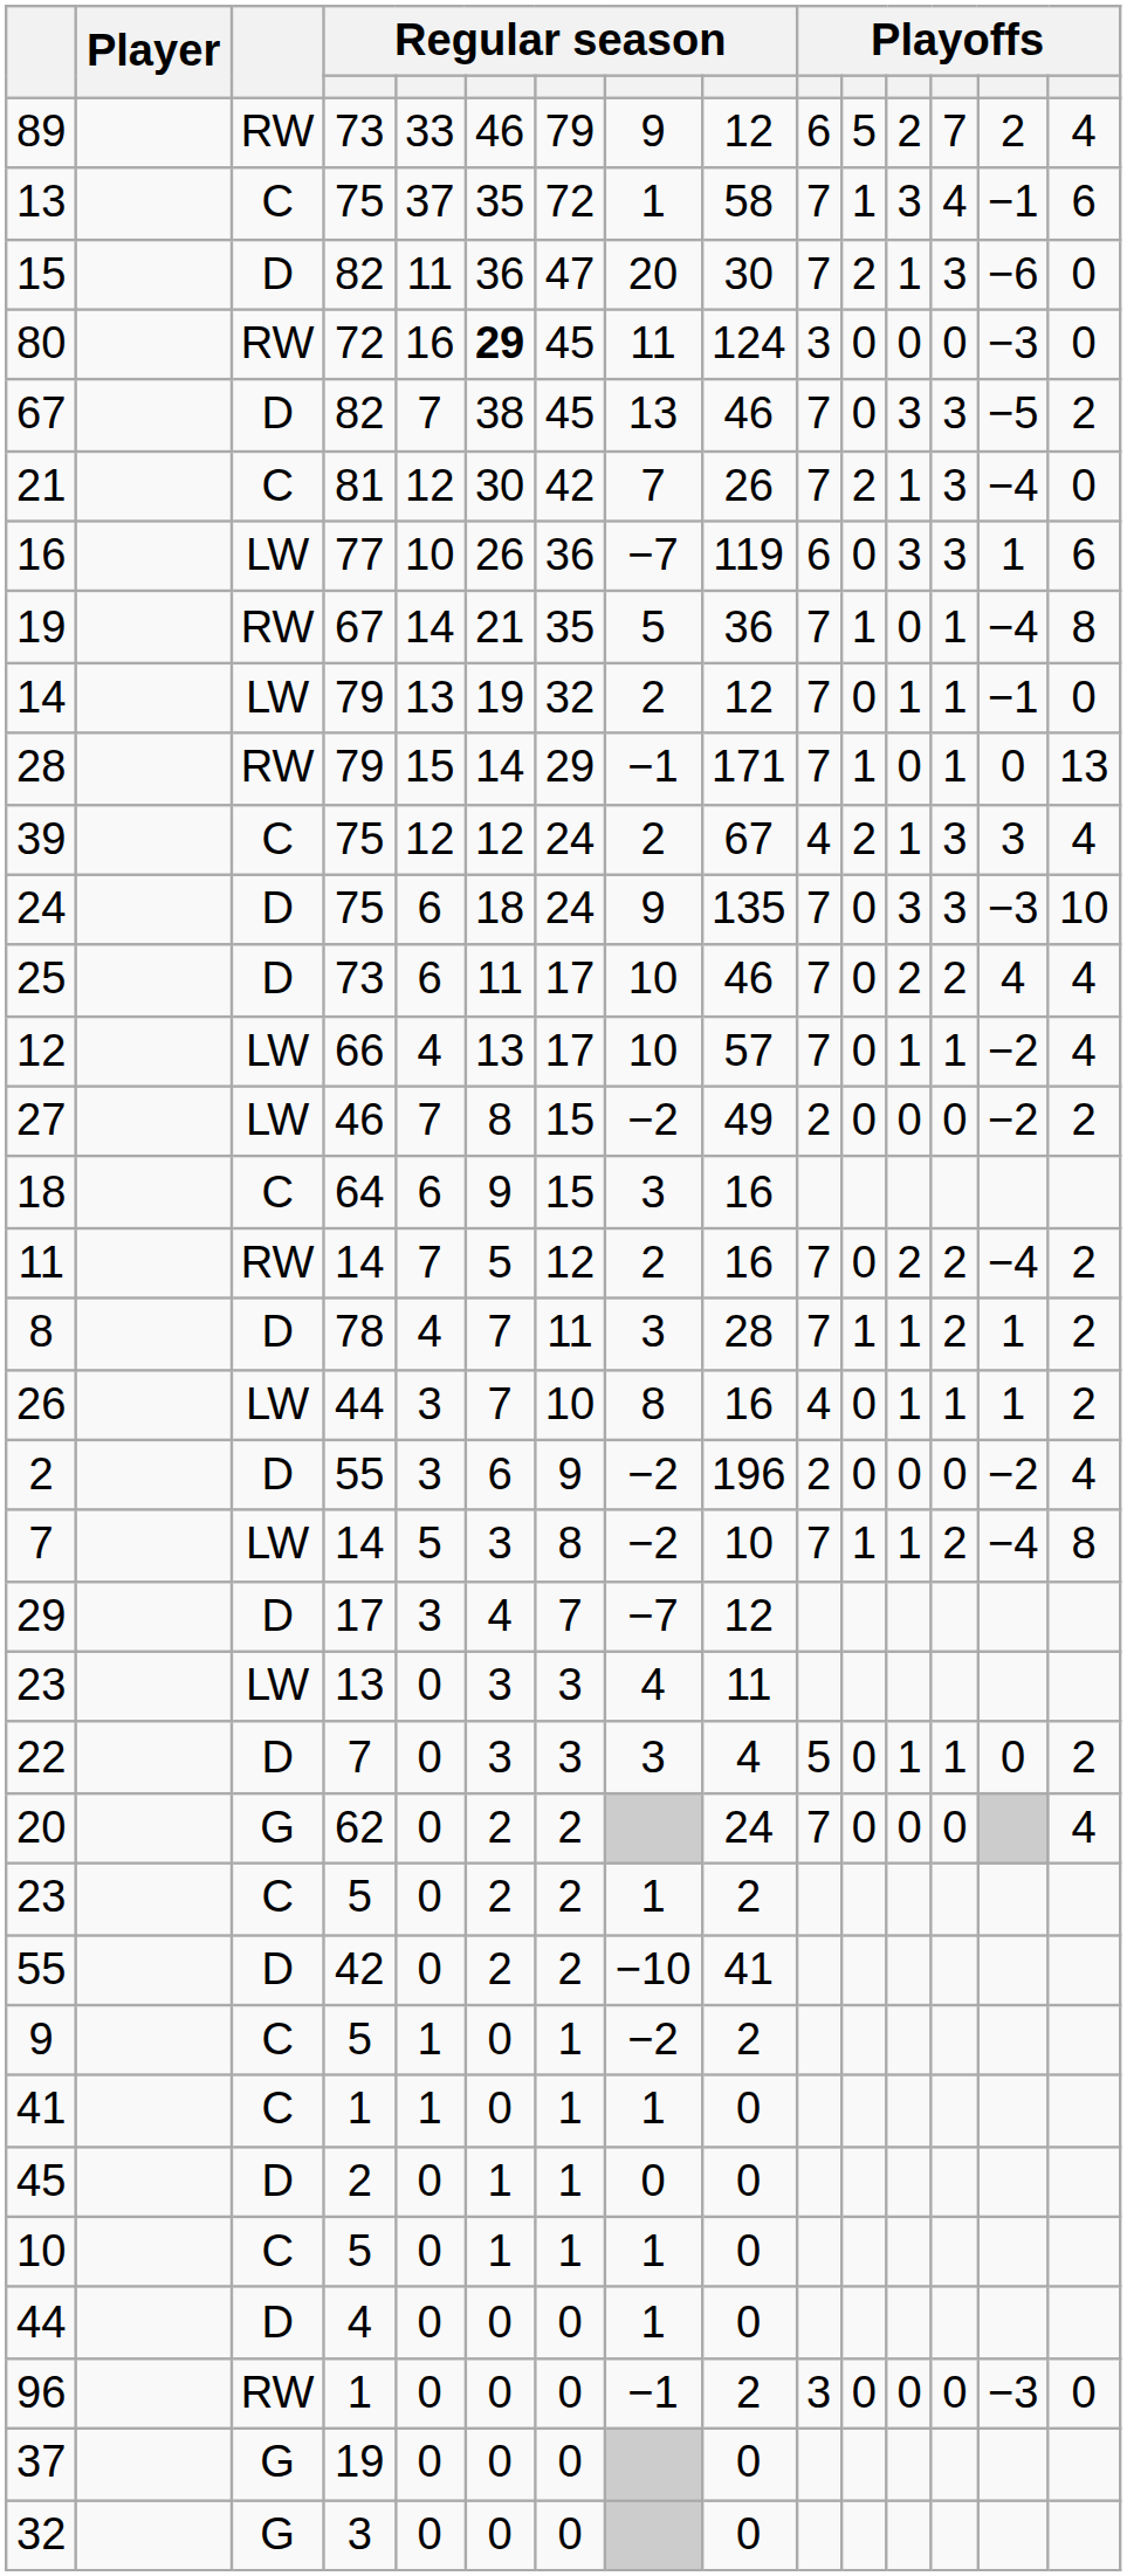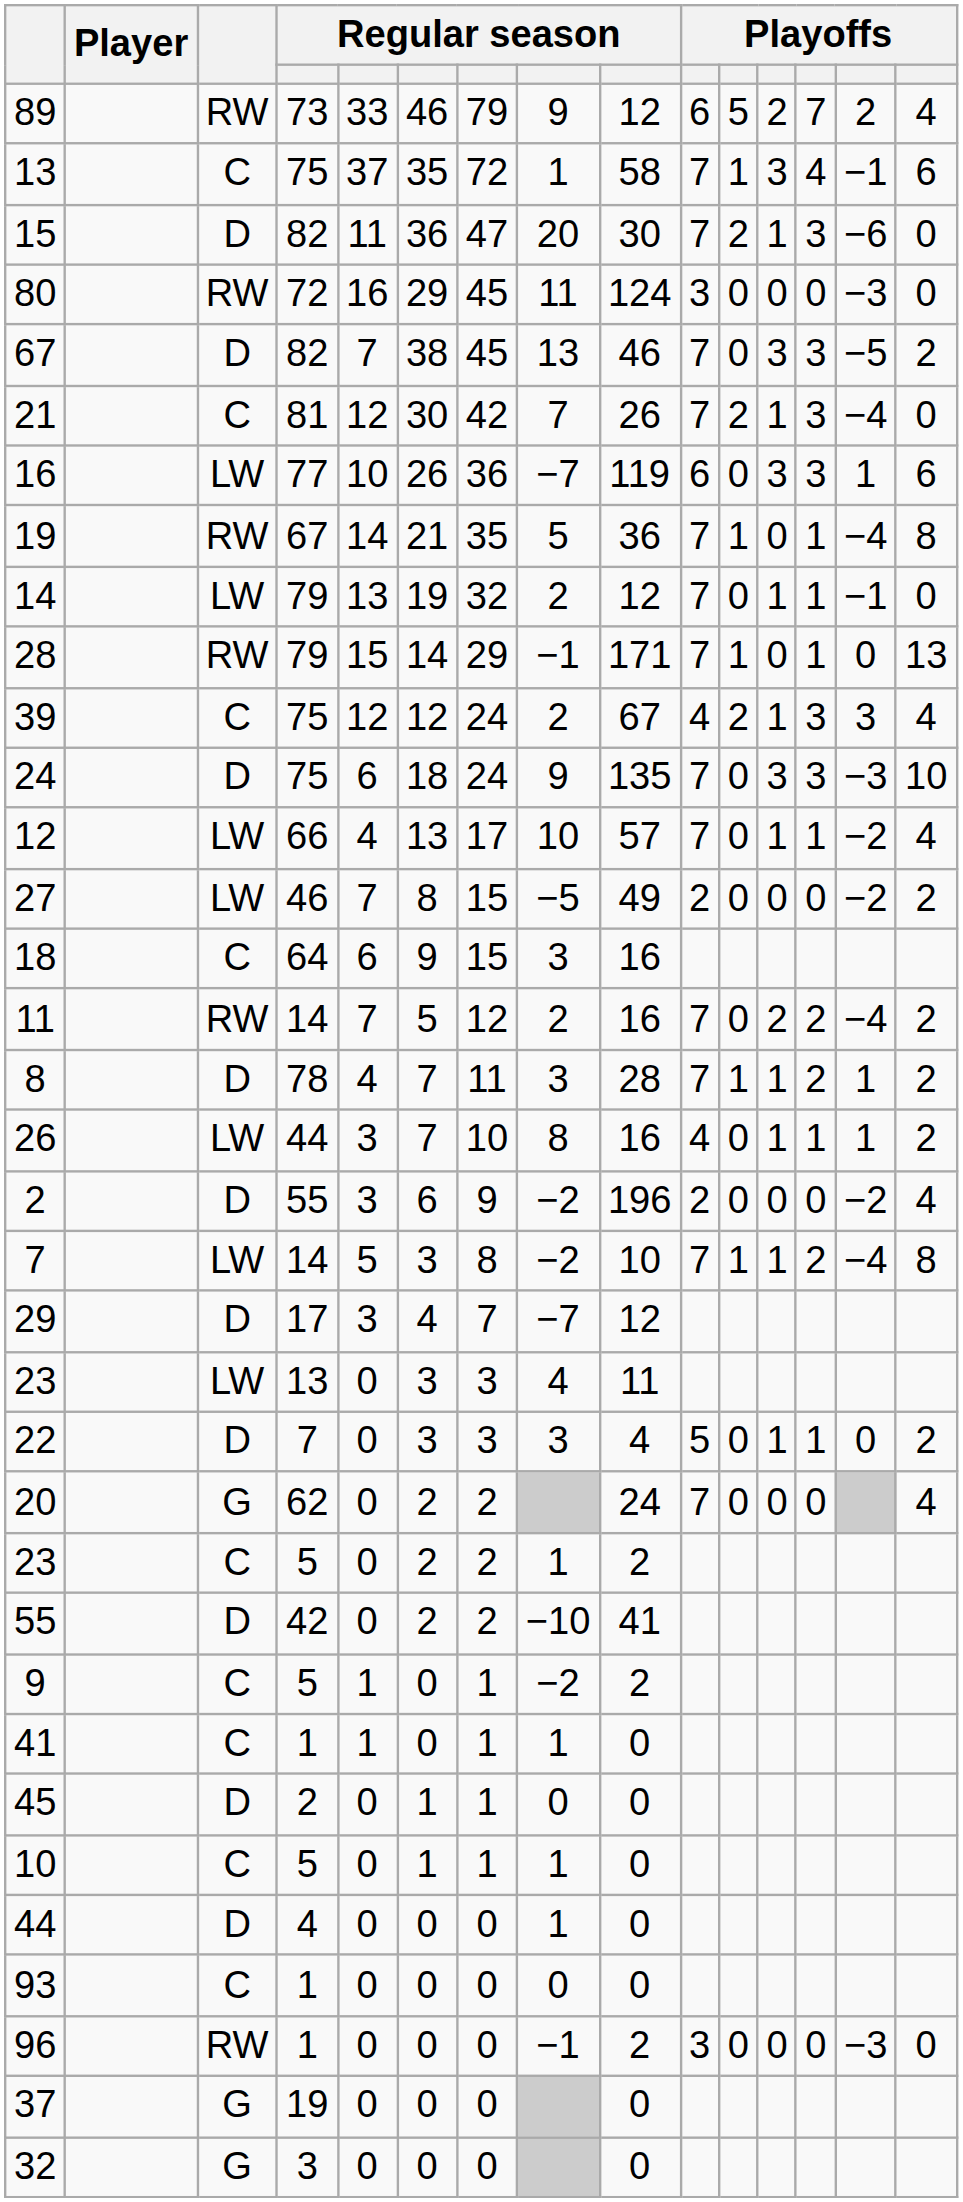 <table class="wikitable sortable plainrowheaders" style="text-align:center;">
 <tr>
 <th scope="col" data-sort-type="number" rowspan="2"></th>
 <th scope="col" rowspan="2">Player</th>
 <th scope="col" rowspan="2"></th>
 <th scope=colgroup colspan=6>Regular season</th>
 <th scope=colgroup colspan=6>Playoffs</th>
 </tr>
 <tr>
 <th scope="col" data-sort-type="number"></th>
 <th scope="col" data-sort-type="number"></th>
 <th scope="col" data-sort-type="number"></th>
 <th scope="col" data-sort-type="number"></th>
 <th scope="col" data-sort-type="number"></th>
 <th scope="col" data-sort-type="number"></th>
 <th scope="col" data-sort-type="number"></th>
 <th scope="col" data-sort-type="number"></th>
 <th scope="col" data-sort-type="number"></th>
 <th scope="col" data-sort-type="number"></th>
 <th scope="col" data-sort-type="number"></th>
 <th scope="col" data-sort-type="number"></th>
 </tr>
 <tr>
 <td scope="row">89</td>
 <td align="left"></td>
 <td>RW</td>
 <td>73</td>
 <td>33</td>
 <td>46</td>
 <td>79</td>
 <td>9</td>
 <td>12</td>
 <td>6</td>
 <td>5</td>
 <td>2</td>
 <td>7</td>
 <td>2</td>
 <td>4</td>
 </tr>
 <tr>
 <td scope="row">13</td>
 <td align="left"></td>
 <td>C</td>
 <td>75</td>
 <td>37</td>
 <td>35</td>
 <td>72</td>
 <td>1</td>
 <td>58</td>
 <td>7</td>
 <td>1</td>
 <td>3</td>
 <td>4</td>
 <td>−1</td>
 <td>6</td>
 </tr>
 <tr>
 <td scope="row">15</td>
 <td align="left"></td>
 <td>D</td>
 <td>82</td>
 <td>11</td>
 <td>36</td>
 <td>47</td>
 <td>20</td>
 <td>30</td>
 <td>7</td>
 <td>2</td>
 <td>1</td>
 <td>3</td>
 <td>−6</td>
 <td>0</td>
 </tr>
 <tr>
 <td scope="row">80</td>
 <td align="left"></td>
 <td>RW</td>
 <td>72</td>
 <td>16</td>
-<td><strong>29</strong></td>
+<td>29</td>
 <td>45</td>
 <td>11</td>
 <td>124</td>
 <td>3</td>
 <td>0</td>
 <td>0</td>
 <td>0</td>
 <td>−3</td>
 <td>0</td>
 </tr>
 <tr>
 <td scope="row">67</td>
 <td align="left"></td>
 <td>D</td>
 <td>82</td>
 <td>7</td>
 <td>38</td>
 <td>45</td>
 <td>13</td>
 <td>46</td>
 <td>7</td>
 <td>0</td>
 <td>3</td>
 <td>3</td>
 <td>−5</td>
 <td>2</td>
 </tr>
 <tr>
 <td scope="row">21</td>
 <td align="left"></td>
 <td>C</td>
 <td>81</td>
 <td>12</td>
 <td>30</td>
 <td>42</td>
 <td>7</td>
 <td>26</td>
 <td>7</td>
 <td>2</td>
 <td>1</td>
 <td>3</td>
 <td>−4</td>
 <td>0</td>
 </tr>
 <tr>
 <td scope="row">16</td>
 <td align="left"></td>
 <td>LW</td>
 <td>77</td>
 <td>10</td>
 <td>26</td>
 <td>36</td>
 <td>−7</td>
 <td>119</td>
 <td>6</td>
 <td>0</td>
 <td>3</td>
 <td>3</td>
 <td>1</td>
 <td>6</td>
 </tr>
 <tr>
 <td scope="row">19</td>
 <td align="left"></td>
 <td>RW</td>
 <td>67</td>
 <td>14</td>
 <td>21</td>
 <td>35</td>
 <td>5</td>
 <td>36</td>
 <td>7</td>
 <td>1</td>
 <td>0</td>
 <td>1</td>
 <td>−4</td>
 <td>8</td>
 </tr>
 <tr>
 <td scope="row">14</td>
 <td align="left"></td>
 <td>LW</td>
 <td>79</td>
 <td>13</td>
 <td>19</td>
 <td>32</td>
 <td>2</td>
 <td>12</td>
 <td>7</td>
 <td>0</td>
 <td>1</td>
 <td>1</td>
 <td>−1</td>
 <td>0</td>
 </tr>
 <tr>
 <td scope="row">28</td>
 <td align="left"></td>
 <td>RW</td>
 <td>79</td>
 <td>15</td>
 <td>14</td>
 <td>29</td>
 <td>−1</td>
 <td>171</td>
 <td>7</td>
 <td>1</td>
 <td>0</td>
 <td>1</td>
 <td>0</td>
 <td>13</td>
 </tr>
 <tr>
 <td scope="row">39</td>
 <td align="left"></td>
 <td>C</td>
 <td>75</td>
 <td>12</td>
 <td>12</td>
 <td>24</td>
 <td>2</td>
 <td>67</td>
 <td>4</td>
 <td>2</td>
 <td>1</td>
 <td>3</td>
 <td>3</td>
 <td>4</td>
 </tr>
 <tr>
 <td scope="row">24</td>
 <td align="left"></td>
 <td>D</td>
 <td>75</td>
 <td>6</td>
 <td>18</td>
 <td>24</td>
 <td>9</td>
 <td>135</td>
 <td>7</td>
 <td>0</td>
 <td>3</td>
 <td>3</td>
 <td>−3</td>
 <td>10</td>
 </tr>
 <tr>
-<td scope="row">25</td>
-<td align="left"></td>
-<td>D</td>
-<td>73</td>
-<td>6</td>
-<td>11</td>
-<td>17</td>
-<td>10</td>
-<td>46</td>
-<td>7</td>
-<td>0</td>
-<td>2</td>
-<td>2</td>
-<td>4</td>
-<td>4</td>
-</tr>
-<tr>
 <td scope="row">12</td>
 <td align="left"></td>
 <td>LW</td>
 <td>66</td>
 <td>4</td>
 <td>13</td>
 <td>17</td>
 <td>10</td>
 <td>57</td>
 <td>7</td>
 <td>0</td>
 <td>1</td>
 <td>1</td>
 <td>−2</td>
 <td>4</td>
 </tr>
 <tr>
 <td scope="row">27</td>
 <td align="left"></td>
 <td>LW</td>
 <td>46</td>
 <td>7</td>
 <td>8</td>
 <td>15</td>
-<td>−2</td>
+<td>−5</td>
 <td>49</td>
 <td>2</td>
 <td>0</td>
 <td>0</td>
 <td>0</td>
 <td>−2</td>
 <td>2</td>
 </tr>
 <tr>
 <td scope="row">18</td>
 <td align="left"></td>
 <td>C</td>
 <td>64</td>
 <td>6</td>
 <td>9</td>
 <td>15</td>
 <td>3</td>
 <td>16</td>
 <td></td>
 <td></td>
 <td></td>
 <td></td>
 <td></td>
 <td></td>
 </tr>
 <tr>
 <td scope="row">11</td>
 <td align="left"></td>
 <td>RW</td>
 <td>14</td>
 <td>7</td>
 <td>5</td>
 <td>12</td>
 <td>2</td>
 <td>16</td>
 <td>7</td>
 <td>0</td>
 <td>2</td>
 <td>2</td>
 <td>−4</td>
 <td>2</td>
 </tr>
 <tr>
 <td scope="row">8</td>
 <td align="left"></td>
 <td>D</td>
 <td>78</td>
 <td>4</td>
 <td>7</td>
 <td>11</td>
 <td>3</td>
 <td>28</td>
 <td>7</td>
 <td>1</td>
 <td>1</td>
 <td>2</td>
 <td>1</td>
 <td>2</td>
 </tr>
 <tr>
 <td scope="row">26</td>
 <td align="left"></td>
 <td>LW</td>
 <td>44</td>
 <td>3</td>
 <td>7</td>
 <td>10</td>
 <td>8</td>
 <td>16</td>
 <td>4</td>
 <td>0</td>
 <td>1</td>
 <td>1</td>
 <td>1</td>
 <td>2</td>
 </tr>
 <tr>
 <td scope="row">2</td>
 <td align="left"></td>
 <td>D</td>
 <td>55</td>
 <td>3</td>
 <td>6</td>
 <td>9</td>
 <td>−2</td>
 <td>196</td>
 <td>2</td>
 <td>0</td>
 <td>0</td>
 <td>0</td>
 <td>−2</td>
 <td>4</td>
 </tr>
 <tr>
 <td scope="row">7</td>
 <td align="left"></td>
 <td>LW</td>
 <td>14</td>
 <td>5</td>
 <td>3</td>
 <td>8</td>
 <td>−2</td>
 <td>10</td>
 <td>7</td>
 <td>1</td>
 <td>1</td>
 <td>2</td>
 <td>−4</td>
 <td>8</td>
 </tr>
 <tr>
 <td scope="row">29</td>
 <td align="left"></td>
 <td>D</td>
 <td>17</td>
 <td>3</td>
 <td>4</td>
 <td>7</td>
 <td>−7</td>
 <td>12</td>
 <td></td>
 <td></td>
 <td></td>
 <td></td>
 <td></td>
 <td></td>
 </tr>
 <tr>
 <td scope="row">23</td>
 <td align="left"></td>
 <td>LW</td>
 <td>13</td>
 <td>0</td>
 <td>3</td>
 <td>3</td>
 <td>4</td>
 <td>11</td>
 <td></td>
 <td></td>
 <td></td>
 <td></td>
 <td></td>
 <td></td>
 </tr>
 <tr>
 <td scope="row">22</td>
 <td align="left"></td>
 <td>D</td>
 <td>7</td>
 <td>0</td>
 <td>3</td>
 <td>3</td>
 <td>3</td>
 <td>4</td>
 <td>5</td>
 <td>0</td>
 <td>1</td>
 <td>1</td>
 <td>0</td>
 <td>2</td>
 </tr>
 <tr>
 <td scope="row">20</td>
 <td align="left"></td>
 <td>G</td>
 <td>62</td>
 <td>0</td>
 <td>2</td>
 <td>2</td>
 <td style="background:#ccc"></td>
 <td>24</td>
 <td>7</td>
 <td>0</td>
 <td>0</td>
 <td>0</td>
 <td style="background:#ccc"></td>
 <td>4</td>
 </tr>
 <tr>
 <td scope="row">23</td>
 <td align="left"></td>
 <td>C</td>
 <td>5</td>
 <td>0</td>
 <td>2</td>
 <td>2</td>
 <td>1</td>
 <td>2</td>
 <td></td>
 <td></td>
 <td></td>
 <td></td>
 <td></td>
 <td></td>
 </tr>
 <tr>
 <td scope="row">55</td>
 <td align="left"></td>
 <td>D</td>
 <td>42</td>
 <td>0</td>
 <td>2</td>
 <td>2</td>
 <td>−10</td>
 <td>41</td>
 <td></td>
 <td></td>
 <td></td>
 <td></td>
 <td></td>
 <td></td>
 </tr>
 <tr>
 <td scope="row">9</td>
 <td align="left"></td>
 <td>C</td>
 <td>5</td>
 <td>1</td>
 <td>0</td>
 <td>1</td>
 <td>−2</td>
 <td>2</td>
 <td></td>
 <td></td>
 <td></td>
 <td></td>
 <td></td>
 <td></td>
 </tr>
 <tr>
 <td scope="row">41</td>
 <td align="left"></td>
 <td>C</td>
 <td>1</td>
 <td>1</td>
 <td>0</td>
 <td>1</td>
 <td>1</td>
 <td>0</td>
 <td></td>
 <td></td>
 <td></td>
 <td></td>
 <td></td>
 <td></td>
 </tr>
 <tr>
 <td scope="row">45</td>
 <td align="left"></td>
 <td>D</td>
 <td>2</td>
 <td>0</td>
 <td>1</td>
 <td>1</td>
 <td>0</td>
 <td>0</td>
 <td></td>
 <td></td>
 <td></td>
 <td></td>
 <td></td>
 <td></td>
 </tr>
 <tr>
 <td scope="row">10</td>
 <td align="left"></td>
 <td>C</td>
 <td>5</td>
 <td>0</td>
 <td>1</td>
 <td>1</td>
 <td>1</td>
 <td>0</td>
 <td></td>
 <td></td>
 <td></td>
 <td></td>
 <td></td>
 <td></td>
 </tr>
 <tr>
 <td scope="row">44</td>
 <td align="left"></td>
 <td>D</td>
 <td>4</td>
 <td>0</td>
 <td>0</td>
 <td>0</td>
 <td>1</td>
 <td>0</td>
 <td></td>
 <td></td>
 <td></td>
 <td></td>
 <td></td>
 <td></td>
 </tr>
 <tr>
+<td scope="row">93</td>
+<td align="left"></td>
+<td>C</td>
+<td>1</td>
+<td>0</td>
+<td>0</td>
+<td>0</td>
+<td>0</td>
+<td>0</td>
+<td></td>
+<td></td>
+<td></td>
+<td></td>
+<td></td>
+<td></td>
+</tr>
+<tr>
 <td scope="row">96</td>
 <td align="left"></td>
 <td>RW</td>
 <td>1</td>
 <td>0</td>
 <td>0</td>
 <td>0</td>
 <td>−1</td>
 <td>2</td>
 <td>3</td>
 <td>0</td>
 <td>0</td>
 <td>0</td>
 <td>−3</td>
 <td>0</td>
 </tr>
 <tr>
 <td scope="row">37</td>
 <td align="left"></td>
 <td>G</td>
 <td>19</td>
 <td>0</td>
 <td>0</td>
 <td>0</td>
 <td style="background:#ccc"></td>
 <td>0</td>
 <td></td>
 <td></td>
 <td></td>
 <td></td>
 <td></td>
 <td></td>
 </tr>
 <tr>
 <td scope="row">32</td>
 <td align="left"></td>
 <td>G</td>
 <td>3</td>
 <td>0</td>
 <td>0</td>
 <td>0</td>
 <td style="background:#ccc"></td>
 <td>0</td>
 <td></td>
 <td></td>
 <td></td>
 <td></td>
 <td></td>
 <td></td>
 </tr>
 </table>
